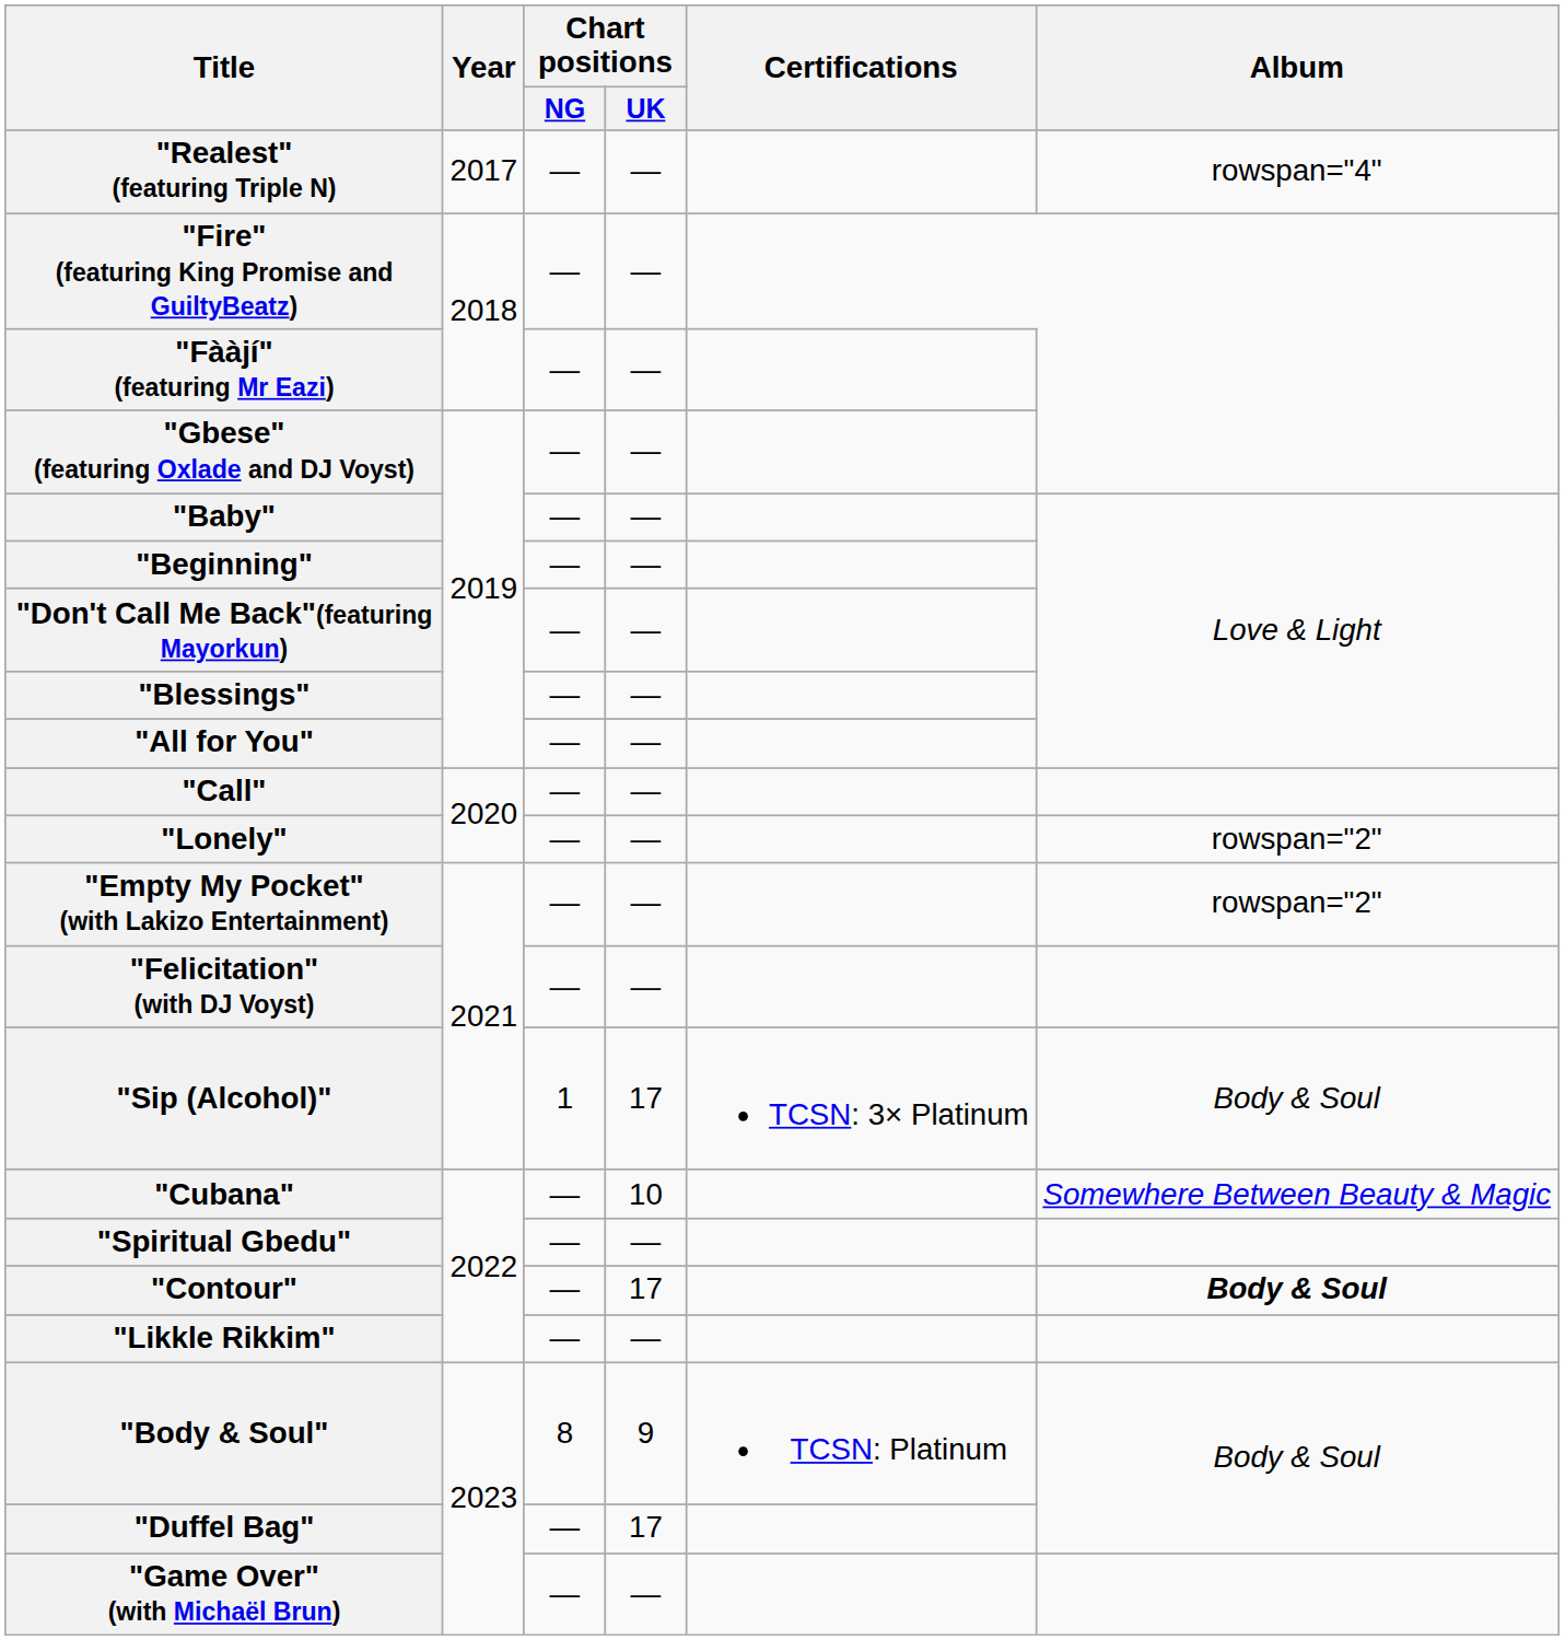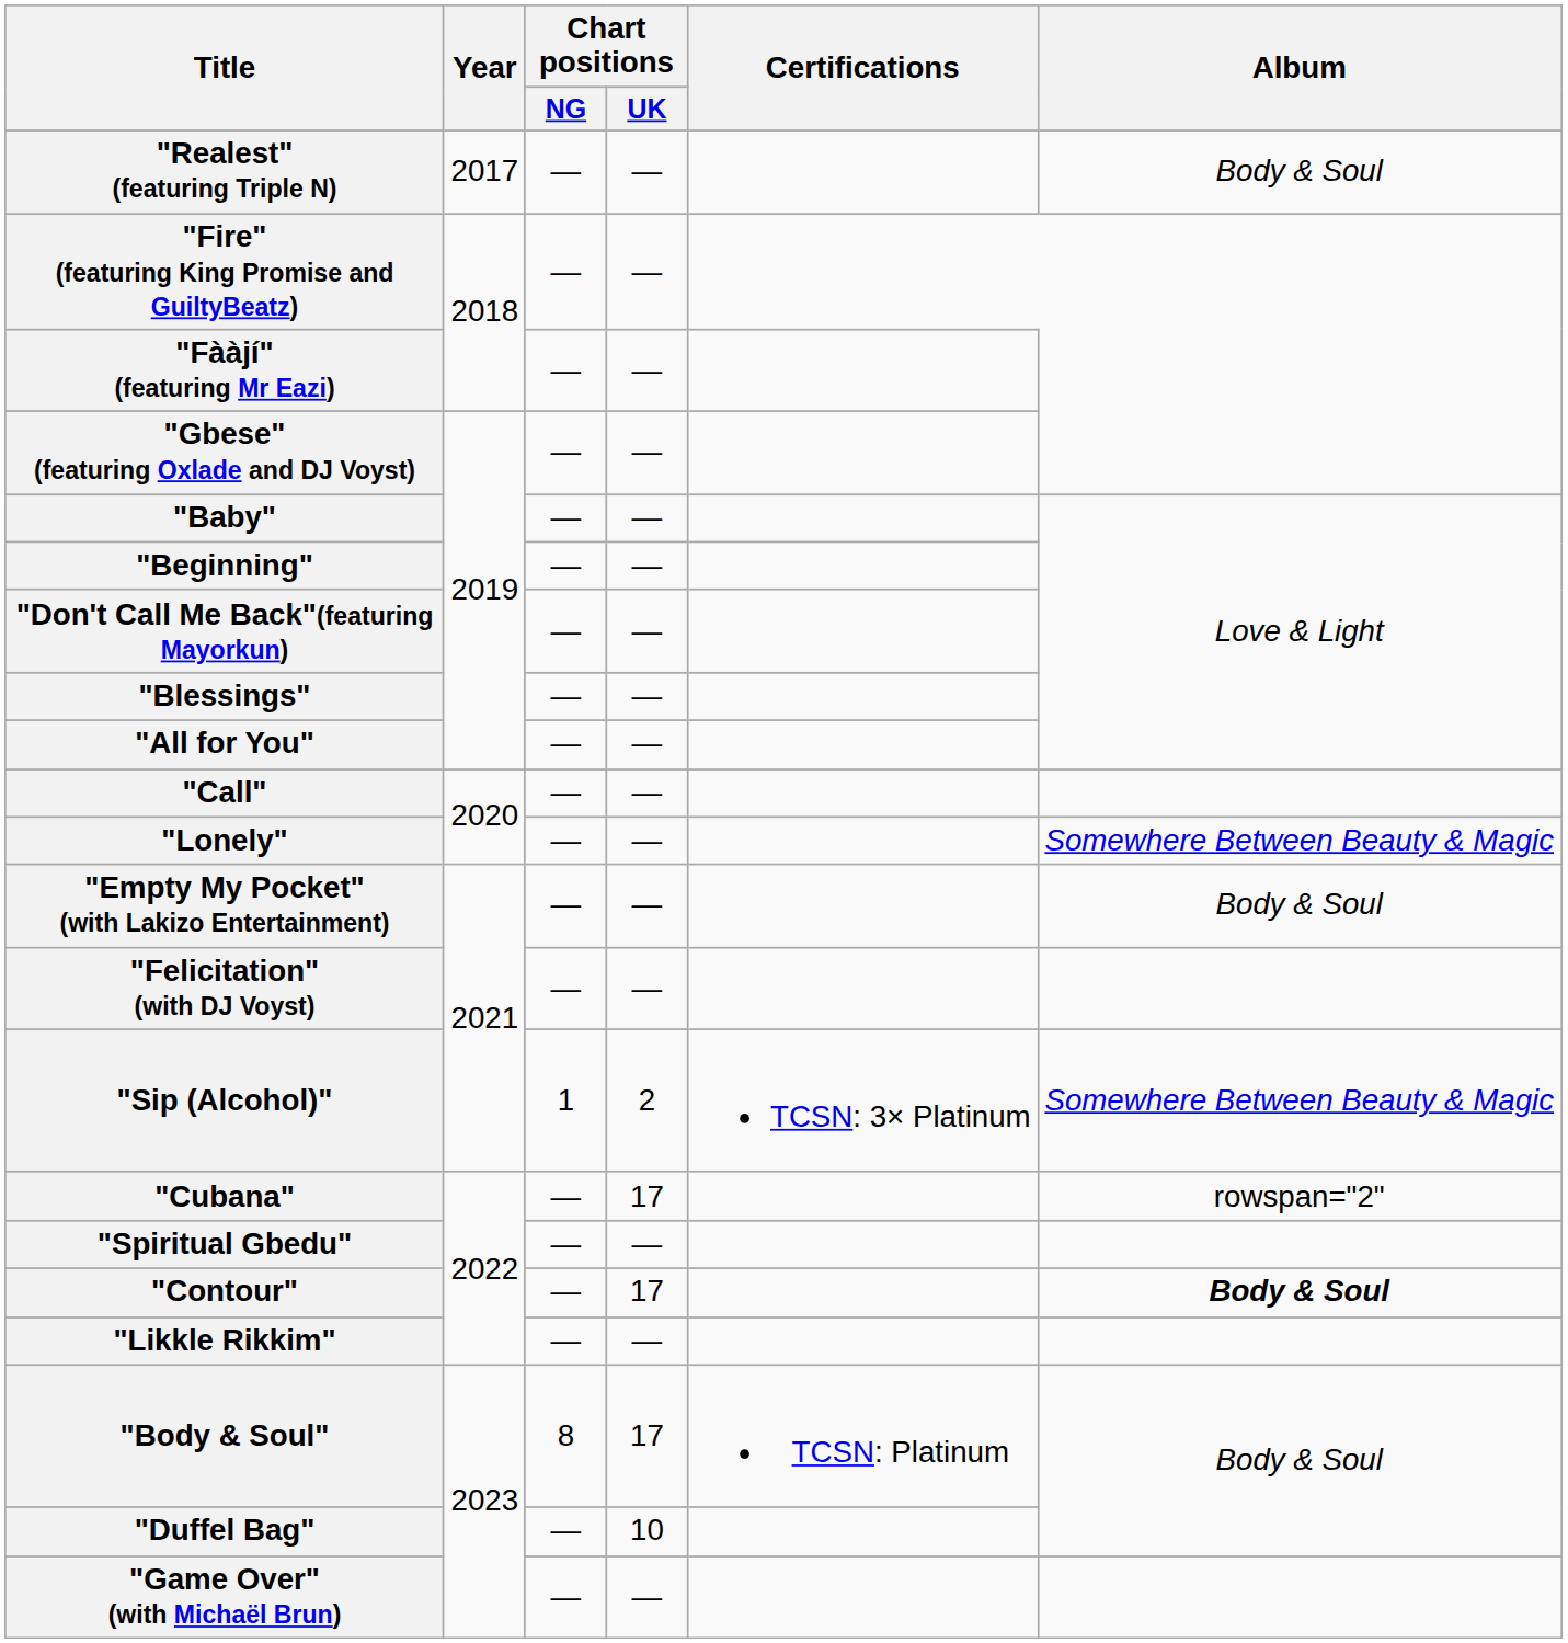 <table class="wikitable plainrowheaders" style="text-align:center">
 <tr>
 <th scope="col" style="width:14em;" rowspan="2">Title</th>
 <th scope="col" rowspan="2">Year</th>
 <th scope="col" colspan="2">Chart positions</th>
 <th scope="col" rowspan="2">Certifications</th>
 <th scope="col" rowspan="2">Album</th>
 </tr>
 <tr>
 <th scope="col" style="width:2.5em;font-size:90%;"><a href='#'>NG</a><br></th>
 <th scope="col" style="width:2.5em;font-size:90%;"><a href='#'>UK</a><br></th>
 </tr>
 <tr>
 <th scope="row">"Realest"<br><small>(featuring Triple N)</small></th>
 <td>2017</td>
 <td>—</td>
 <td>—</td>
 <td></td>
-<td>rowspan="4" </td>
+<td><em>Body & Soul</em></td>
 </tr>
 <tr>
 <th scope="row">"Fire"<br><small>(featuring King Promise and <a href='#'>GuiltyBeatz</a>)</small></th>
 <td rowspan="2">2018</td>
 <td>—</td>
 <td>—</td>
 </tr>
 <tr>
 <th scope="row">"Fààjí"<br><small>(featuring <a href='#'>Mr Eazi</a>)</small></th>
 <td>—</td>
 <td>—</td>
 <td></td>
 </tr>
 <tr>
 <th scope="row">"Gbese"<br><small>(featuring <a href='#'>Oxlade</a> and DJ Voyst)</small></th>
 <td rowspan="6">2019</td>
 <td>—</td>
 <td>—</td>
 <td></td>
 </tr>
 <tr>
 <th scope="row">"Baby"</th>
 <td>—</td>
 <td>—</td>
 <td></td>
 <td rowspan="5" align="center"><em>Love & Light</em></td>
 </tr>
 <tr>
 <th scope="row">"Beginning"</th>
 <td>—</td>
 <td>—</td>
 <td></td>
 </tr>
 <tr>
 <th scope="row">"Don't Call Me Back"<small>(featuring <a href='#'>Mayorkun</a>)</small></th>
 <td>—</td>
 <td>—</td>
 <td></td>
 </tr>
 <tr>
 <th scope="row">"Blessings"</th>
 <td>—</td>
 <td>—</td>
 <td></td>
 </tr>
 <tr>
 <th scope="row">"All for You"</th>
 <td>—</td>
 <td>—</td>
 <td></td>
 </tr>
 <tr>
 <th scope="row">"Call"</th>
 <td rowspan="2">2020</td>
 <td>—</td>
 <td>—</td>
 <td></td>
 <td></td>
 </tr>
 <tr>
 <th scope="row">"Lonely"</th>
 <td>—</td>
 <td>—</td>
 <td></td>
-<td>rowspan="2" </td>
+<td><em><a href='#'>Somewhere Between Beauty & Magic</a></em></td>
 </tr>
 <tr>
 <th scope="row">"Empty My Pocket"<br><small>(with Lakizo Entertainment)</small></th>
 <td rowspan="3">2021</td>
 <td>—</td>
 <td>—</td>
 <td></td>
-<td>rowspan="2" </td>
+<td><em>Body & Soul</em></td>
 </tr>
 <tr>
 <th scope="row">"Felicitation"<br><small>(with DJ Voyst)</small></th>
 <td>—</td>
 <td>—</td>
 <td></td>
 </tr>
 <tr>
 <th scope="row">"Sip (Alcohol)"</th>
 <td>1</td>
-<td>17</td>
+<td>2</td>
 <td><br><ul><li><a href='#'>TCSN</a>: 3× Platinum</li></ul></td>
-<td><em>Body & Soul</em></td>
+<td><em><a href='#'>Somewhere Between Beauty & Magic</a></em></td>
 </tr>
 <tr>
 <th scope="row">"Cubana"</th>
 <td rowspan="4">2022</td>
 <td>—</td>
-<td>10</td>
+<td>17</td>
 <td></td>
-<td><em><a href='#'>Somewhere Between Beauty & Magic</a></em></td>
+<td>rowspan="2" </td>
 </tr>
 <tr>
 <th scope="row">"Spiritual Gbedu"</th>
 <td>—</td>
 <td>—</td>
 <td></td>
 </tr>
 <tr>
 <th scope="row">"Contour"</th>
 <td>—</td>
 <td>17</td>
 <td></td>
 <td><strong><em>Body & Soul</em></strong></td>
 </tr>
 <tr>
 <th scope="row">"Likkle Rikkim"</th>
 <td>—</td>
 <td>—</td>
 <td></td>
 <td></td>
 </tr>
 <tr>
 <th scope="row">"Body & Soul"</th>
 <td rowspan="4">2023</td>
 <td>8</td>
-<td>9</td>
+<td>17</td>
 <td><br><ul><li><a href='#'>TCSN</a>: Platinum</li></ul></td>
 <td rowspan="2"><em>Body & Soul</em></td>
 </tr>
 <tr>
 <th scope="row">"Duffel Bag"</th>
 <td>—</td>
-<td>17</td>
+<td>10</td>
 <td></td>
 </tr>
 <tr>
 <th scope="row">"Game Over"<br><small>(with <a href='#'>Michaël Brun</a>)</small></th>
 <td>—</td>
 <td>—</td>
 <td></td>
 <td></td>
 </tr>
 </table>
